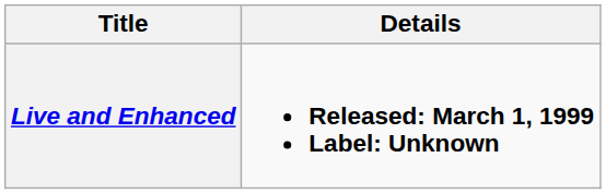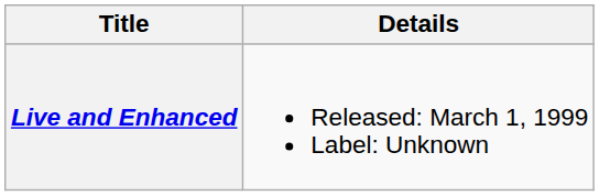 <table class="wikitable plainrowheaders">
 <tr>
 <th>Title</th>
 <th>Details</th>
 </tr>
 <tr>
 <th scope="row"><em><a href='#'>Live and Enhanced</a></em></th>
-<td><strong><br><ul><li>Released: March 1, 1999</li><li>Label: Unknown</li></ul></strong></td>
+<td><br><ul><li>Released: March 1, 1999</li><li>Label: Unknown</li></ul></td>
 </tr>
 </table>
